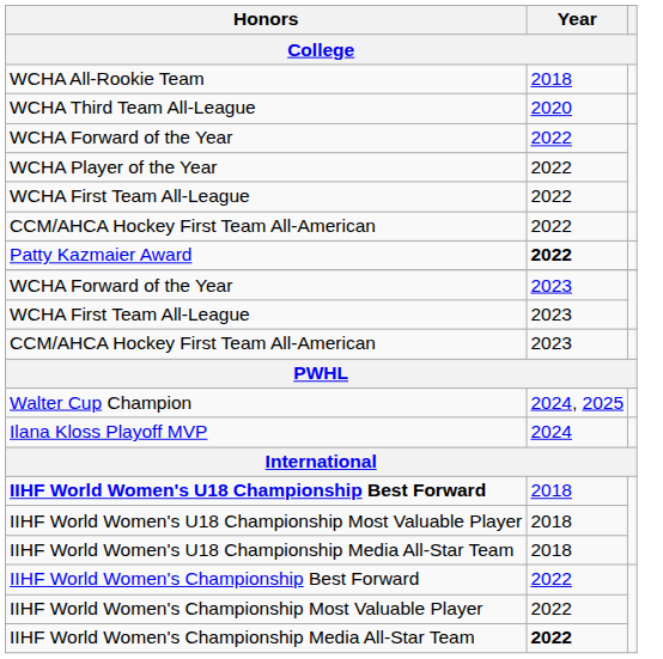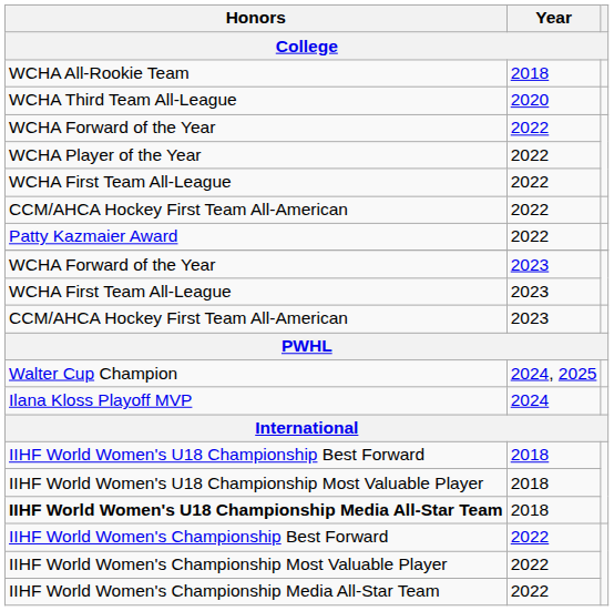 <table class="wikitable">
 <tr>
 <th>Honors</th>
 <th>Year</th>
 <th></th>
 </tr>
 <tr>
 <th colspan="3"><a href='#'>College</a></th>
 </tr>
 <tr>
 <td>WCHA All-Rookie Team</td>
 <td><a href='#'>2018</a></td>
 <td></td>
 </tr>
 <tr>
 <td>WCHA Third Team All-League</td>
 <td><a href='#'>2020</a></td>
 <td></td>
 </tr>
 <tr>
 <td>WCHA Forward of the Year</td>
 <td><a href='#'>2022</a></td>
 <td rowspan="3"></td>
 </tr>
 <tr>
 <td>WCHA Player of the Year</td>
 <td>2022</td>
 </tr>
 <tr>
 <td>WCHA First Team All-League</td>
 <td>2022</td>
 </tr>
 <tr>
 <td>CCM/AHCA Hockey First Team All-American</td>
 <td>2022</td>
 <td></td>
 </tr>
 <tr>
 <td><a href='#'>Patty Kazmaier Award</a></td>
-<td><strong>2022</strong></td>
+<td>2022</td>
 <td></td>
 </tr>
 <tr>
 </tr>
 <tr>
 <td>WCHA Forward of the Year</td>
 <td><a href='#'>2023</a></td>
 <td rowspan="2"></td>
 </tr>
 <tr>
 <td>WCHA First Team All-League</td>
 <td>2023</td>
 </tr>
 <tr>
 <td>CCM/AHCA Hockey First Team All-American</td>
 <td>2023</td>
 <td></td>
 </tr>
 <tr>
 <th colspan="3"><a href='#'>PWHL</a></th>
 </tr>
 <tr>
 <td><a href='#'>Walter Cup</a> Champion</td>
 <td><a href='#'>2024</a>, <a href='#'>2025</a></td>
 <td></td>
 </tr>
 <tr>
 <td><a href='#'>Ilana Kloss Playoff MVP</a></td>
 <td><a href='#'>2024</a></td>
 <td></td>
 </tr>
 <tr>
 <th colspan="3"><a href='#'>International</a></th>
 </tr>
 <tr>
-<td><strong><a href='#'>IIHF World Women's U18 Championship</a> Best Forward</strong></td>
+<td><a href='#'>IIHF World Women's U18 Championship</a> Best Forward</td>
 <td><a href='#'>2018</a></td>
 <td rowspan="3"></td>
 </tr>
 <tr>
 <td>IIHF World Women's U18 Championship Most Valuable Player</td>
 <td>2018</td>
 </tr>
 <tr>
-<td>IIHF World Women's U18 Championship Media All-Star Team</td>
+<td><strong>IIHF World Women's U18 Championship Media All-Star Team</strong></td>
 <td>2018</td>
 </tr>
 <tr>
 <td><a href='#'>IIHF World Women's Championship</a> Best Forward</td>
 <td><a href='#'>2022</a></td>
 <td rowspan="3"></td>
 </tr>
 <tr>
 <td>IIHF World Women's Championship Most Valuable Player</td>
 <td>2022</td>
 </tr>
 <tr>
 <td>IIHF World Women's Championship Media All-Star Team</td>
-<td><strong>2022</strong></td>
+<td>2022</td>
 </tr>
 </table>
